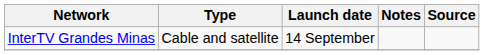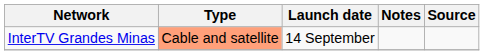 <table class="wikitable sortable">
 <tr>
 <th>Network</th>
 <th>Type</th>
 <th>Launch date</th>
 <th>Notes</th>
 <th>Source</th>
 </tr>
 <tr>
 <td><a href='#'>InterTV Grandes Minas</a></td>
-<td>Cable and satellite</td>
+<td style="background: lightsalmon;">Cable and satellite</td>
 <td>14 September</td>
 <td></td>
 <td></td>
 </tr>
 <tr>
 </tr>
 </table>
